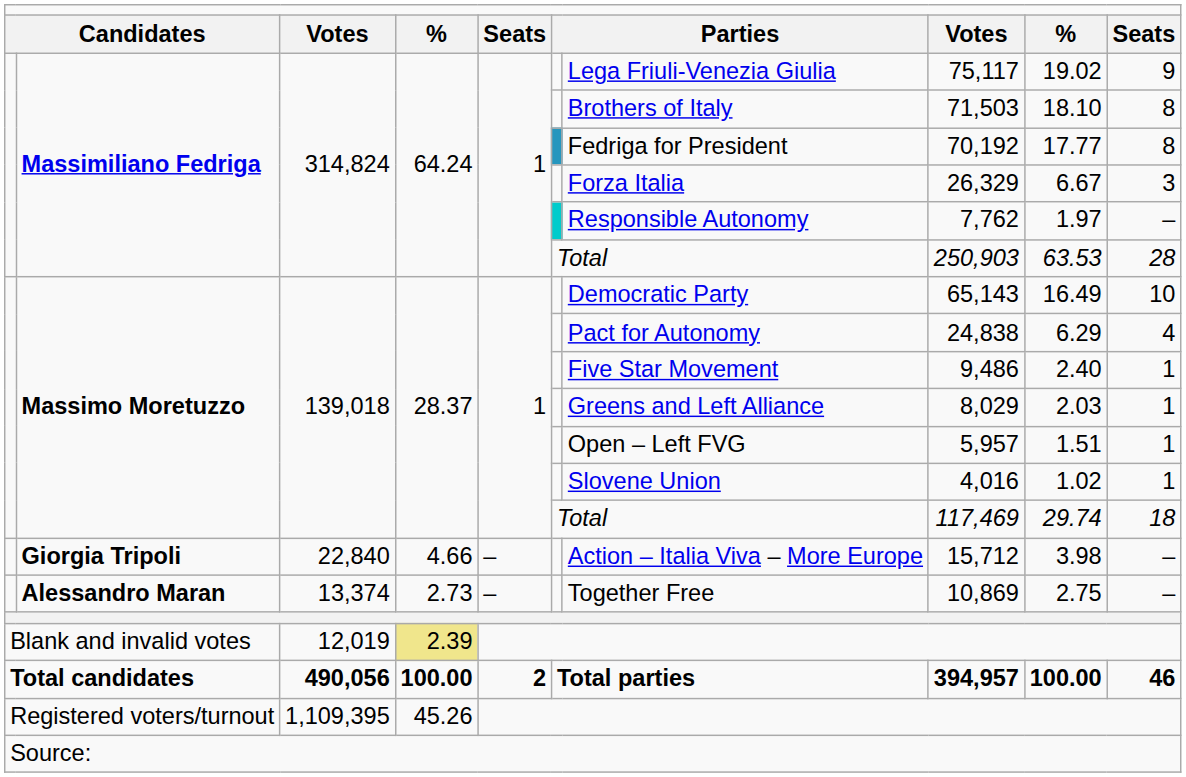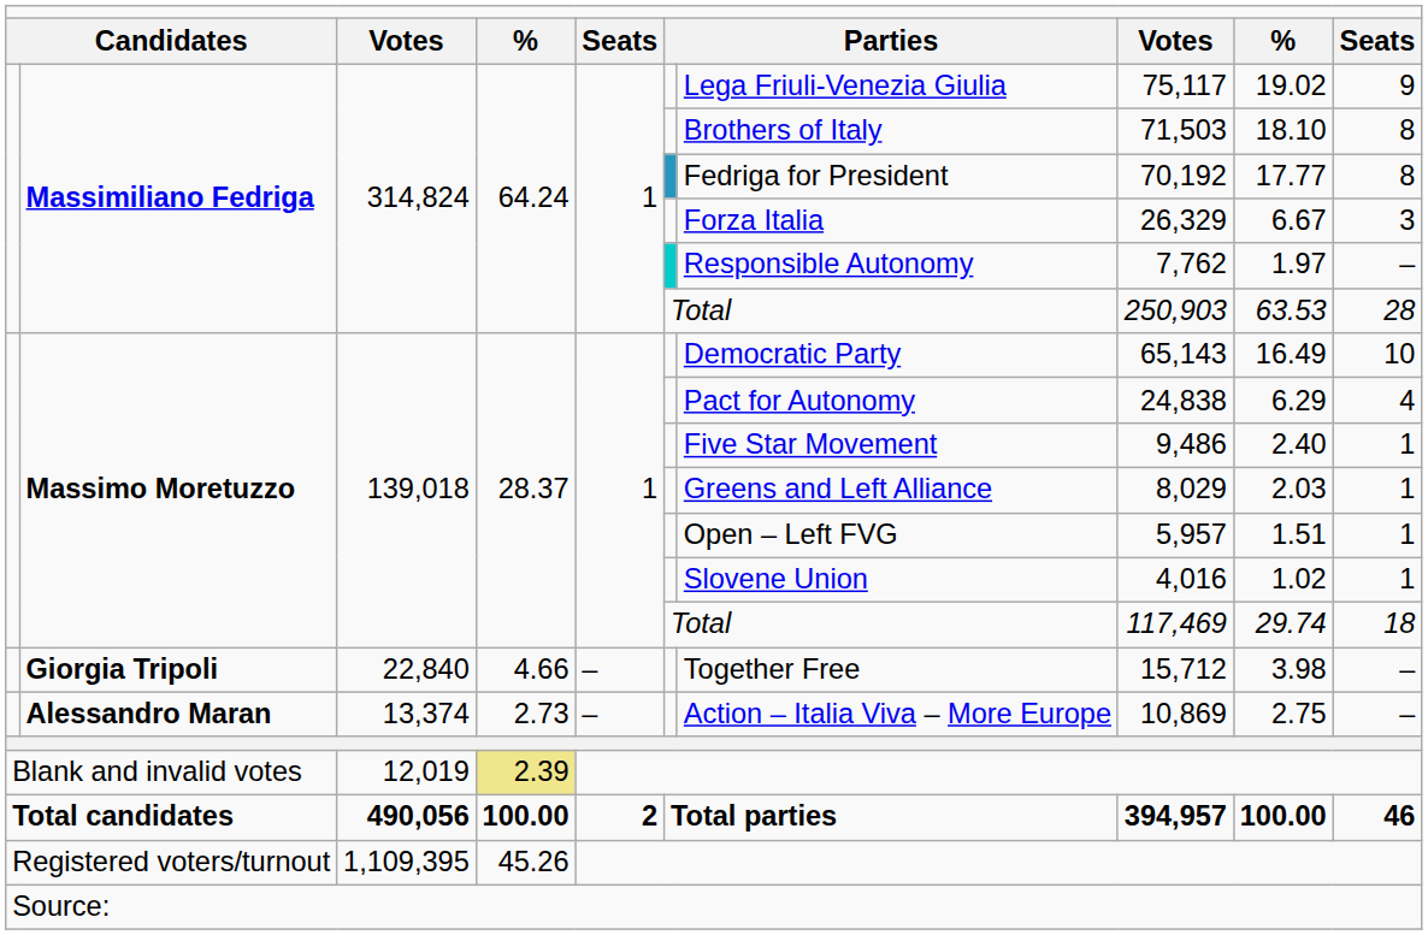 <table class="wikitable">
 <tr>
 <td colspan=10></td>
 </tr>
 <tr>
 <th colspan="2">Candidates</th>
 <th>Votes</th>
 <th>%</th>
 <th>Seats</th>
 <th colspan="2">Parties</th>
 <th>Votes</th>
 <th>%</th>
 <th>Seats</th>
 </tr>
 <tr>
 <td rowspan="6"></td>
 <td rowspan="6"><strong><a href='#'>Massimiliano Fedriga</a></strong></td>
 <td rowspan="6" align=right>314,824</td>
 <td rowspan="6" align=right>64.24</td>
 <td rowspan="6" align=right>1</td>
 <td></td>
 <td><a href='#'>Lega Friuli-Venezia Giulia</a></td>
 <td align=right>75,117</td>
 <td align=right>19.02</td>
 <td align=right>9</td>
 </tr>
 <tr>
 <td></td>
 <td><a href='#'>Brothers of Italy</a></td>
 <td align=right>71,503</td>
 <td align=right>18.10</td>
 <td align=right>8</td>
 </tr>
 <tr>
 <td bgcolor="#2596be"></td>
 <td>Fedriga for President</td>
 <td align=right>70,192</td>
 <td align=right>17.77</td>
 <td align=right>8</td>
 </tr>
 <tr>
 <td></td>
 <td><a href='#'>Forza Italia</a></td>
 <td align=right>26,329</td>
 <td align=right>6.67</td>
 <td align=right>3</td>
 </tr>
 <tr>
 <td bgcolor="#00CCCC"></td>
 <td><a href='#'>Responsible Autonomy</a></td>
 <td align=right>7,762</td>
 <td align=right>1.97</td>
 <td align=right>–</td>
 </tr>
 <tr>
 <td colspan="2"><em>Total</em></td>
 <td align=right><em>250,903</em></td>
 <td align=right><em>63.53</em></td>
 <td align=right><em>28</em></td>
 </tr>
 <tr>
 <td rowspan="7"></td>
 <td rowspan="7"><strong>Massimo Moretuzzo</strong></td>
 <td rowspan="7" align=right>139,018</td>
 <td rowspan="7" align=right>28.37</td>
 <td rowspan="7" align=right>1</td>
 <td></td>
 <td><a href='#'>Democratic Party</a></td>
 <td align=right>65,143</td>
 <td align=right>16.49</td>
 <td align=right>10</td>
 </tr>
 <tr>
 <td></td>
 <td><a href='#'>Pact for Autonomy</a></td>
 <td align=right>24,838</td>
 <td align=right>6.29</td>
 <td align=right>4</td>
 </tr>
 <tr>
 <td></td>
 <td><a href='#'>Five Star Movement</a></td>
 <td align=right>9,486</td>
 <td align=right>2.40</td>
 <td align=right>1</td>
 </tr>
 <tr>
 <td></td>
 <td><a href='#'>Greens and Left Alliance</a></td>
 <td align=right>8,029</td>
 <td align=right>2.03</td>
 <td align=right>1</td>
 </tr>
 <tr>
 <td></td>
 <td>Open – Left FVG</td>
 <td align=right>5,957</td>
 <td align=right>1.51</td>
 <td align=right>1</td>
 </tr>
 <tr>
 <td></td>
 <td><a href='#'>Slovene Union</a></td>
 <td align=right>4,016</td>
 <td align=right>1.02</td>
 <td align=right>1</td>
 </tr>
 <tr>
 <td colspan="2"><em>Total</em></td>
 <td align=right><em>117,469</em></td>
 <td align=right><em>29.74</em></td>
 <td align=right><em>18</em></td>
 </tr>
 <tr>
 <td></td>
 <td><strong>Giorgia Tripoli</strong></td>
 <td align=right>22,840</td>
 <td align=right>4.66</td>
 <td>–</td>
 <td></td>
-<td><a href='#'>Action – Italia Viva</a> – <a href='#'>More Europe</a></td>
+<td>Together Free</td>
 <td align=right>15,712</td>
 <td align=right>3.98</td>
 <td align=right>–</td>
 </tr>
 <tr>
 <td></td>
 <td><strong>Alessandro Maran</strong></td>
 <td align=right>13,374</td>
 <td align=right>2.73</td>
 <td>–</td>
 <td></td>
-<td>Together Free</td>
+<td><a href='#'>Action – Italia Viva</a> – <a href='#'>More Europe</a></td>
 <td align=right>10,869</td>
 <td align=right>2.75</td>
 <td align=right>–</td>
 </tr>
 <tr>
 <th colspan=10></th>
 </tr>
 <tr>
 <td colspan=2>Blank and invalid votes</td>
 <td align=right>12,019</td>
 <td align=right style="background: khaki;">2.39</td>
 <td colspan=6></td>
 </tr>
 <tr>
 <td colspan="2"><strong>Total candidates</strong></td>
 <td align=right><strong>490,056</strong></td>
 <td align=right><strong>100.00</strong></td>
 <td align=right><strong>2</strong></td>
 <td colspan="2"><strong>Total parties</strong></td>
 <td align=right><strong>394,957</strong></td>
 <td align=right><strong>100.00</strong></td>
 <td align=right><strong>46</strong></td>
 </tr>
 <tr>
 <td colspan=2>Registered voters/turnout</td>
 <td align=right>1,109,395</td>
 <td align=right>45.26</td>
 <td colspan=6></td>
 </tr>
 <tr>
 <td colspan="10">Source: </td>
 </tr>
 </table>
